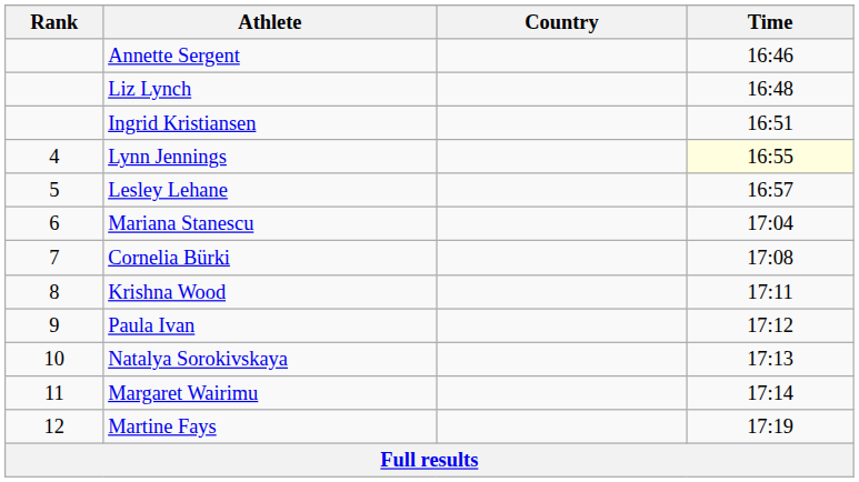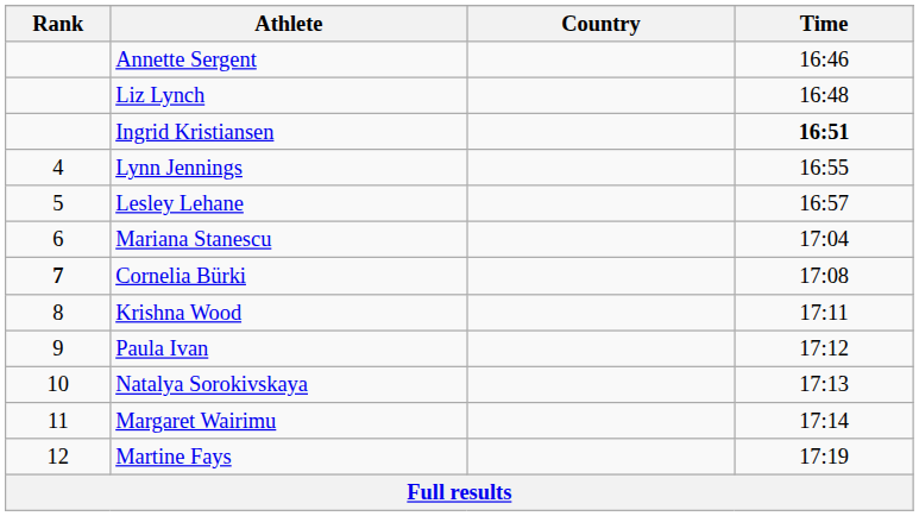 <table class="wikitable sortable" style=" text-align:center; font-size:95%;" width="50%">
 <tr>
 </tr>
 <tr>
 <th width=5%>Rank</th>
 <th width=20%>Athlete</th>
 <th width=15%>Country</th>
 <th width=10%>Time</th>
 </tr>
 <tr>
 <td align=center></td>
 <td align=left><a href='#'>Annette Sergent</a></td>
 <td align=left></td>
 <td>16:46</td>
 </tr>
 <tr>
 <td align=center></td>
 <td align=left><a href='#'>Liz Lynch</a></td>
 <td align=left></td>
 <td>16:48</td>
 </tr>
 <tr>
 <td align=center></td>
 <td align=left><a href='#'>Ingrid Kristiansen</a></td>
 <td align=left></td>
-<td>16:51</td>
+<td><strong>16:51</strong></td>
 </tr>
 <tr>
 <td align=center>4</td>
 <td align=left><a href='#'>Lynn Jennings</a></td>
 <td align=left></td>
-<td style="background: lightyellow;">16:55</td>
+<td>16:55</td>
 </tr>
 <tr>
 <td align=center>5</td>
 <td align=left><a href='#'>Lesley Lehane</a></td>
 <td align=left></td>
 <td>16:57</td>
 </tr>
 <tr>
 <td align=center>6</td>
 <td align=left><a href='#'>Mariana Stanescu</a></td>
 <td align=left></td>
 <td>17:04</td>
 </tr>
 <tr>
-<td align=center>7</td>
+<td align=center><strong>7</strong></td>
 <td align=left><a href='#'>Cornelia Bürki</a></td>
 <td align=left></td>
 <td>17:08</td>
 </tr>
 <tr>
 <td align=center>8</td>
 <td align=left><a href='#'>Krishna Wood</a></td>
 <td align=left></td>
 <td>17:11</td>
 </tr>
 <tr>
 <td align=center>9</td>
 <td align=left><a href='#'>Paula Ivan</a></td>
 <td align=left></td>
 <td>17:12</td>
 </tr>
 <tr>
 <td align=center>10</td>
 <td align=left><a href='#'>Natalya Sorokivskaya</a></td>
 <td align=left></td>
 <td>17:13</td>
 </tr>
 <tr>
 <td align=center>11</td>
 <td align=left><a href='#'>Margaret Wairimu</a></td>
 <td align=left></td>
 <td>17:14</td>
 </tr>
 <tr>
 <td align=center>12</td>
 <td align=left><a href='#'>Martine Fays</a></td>
 <td align=left></td>
 <td>17:19</td>
 </tr>
 <tr class="sortbottom">
 <th colspan=4 align=center><a href='#'>Full results</a></th>
 </tr>
 </table>
